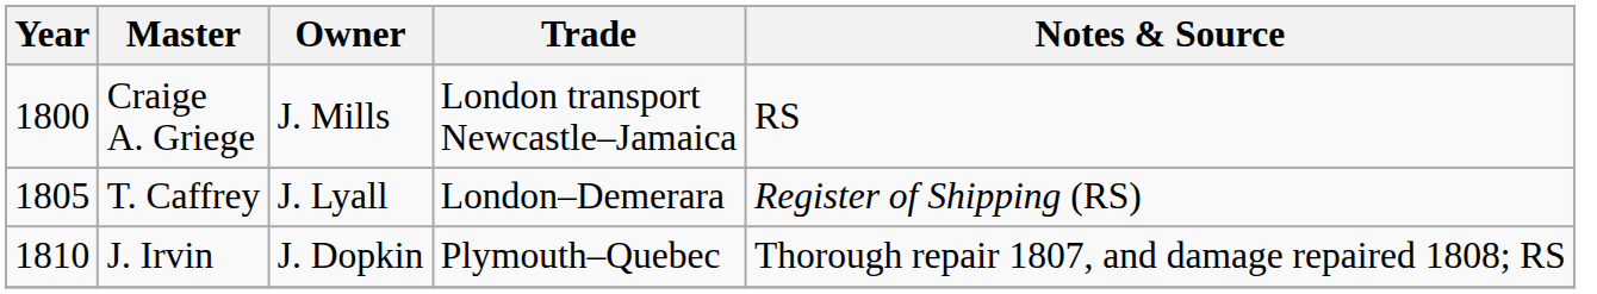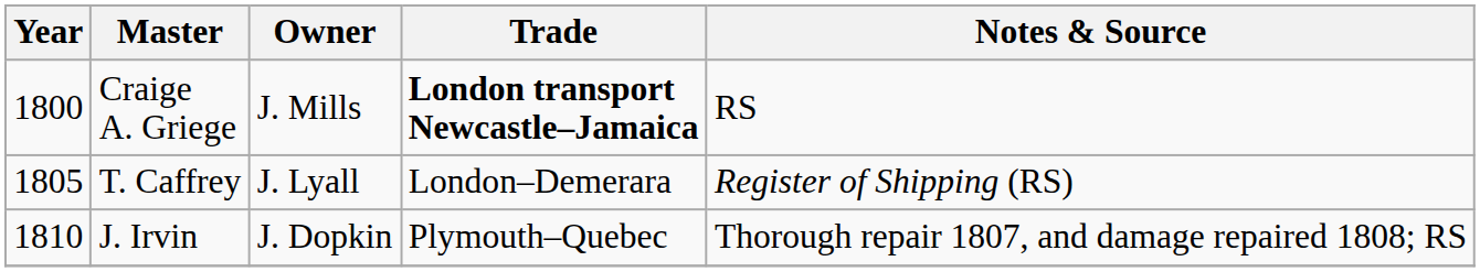 <table class="sortable wikitable">
 <tr>
 <th>Year</th>
 <th>Master</th>
 <th>Owner</th>
 <th>Trade</th>
 <th>Notes & Source</th>
 </tr>
 <tr>
 <td>1800</td>
 <td>Craige<br>A. Griege</td>
 <td>J. Mills</td>
-<td>London transport<br>Newcastle–Jamaica</td>
+<td><strong>London transport<br>Newcastle–Jamaica</strong></td>
 <td>RS</td>
 </tr>
 <tr>
 <td>1805</td>
 <td>T. Caffrey</td>
 <td>J. Lyall</td>
 <td>London–Demerara</td>
 <td><em>Register of Shipping</em> (RS)</td>
 </tr>
 <tr>
 <td>1810</td>
 <td>J. Irvin</td>
 <td>J. Dopkin</td>
 <td>Plymouth–Quebec</td>
 <td>Thorough repair 1807, and damage repaired 1808; RS</td>
 </tr>
 <tr>
 </tr>
 </table>
